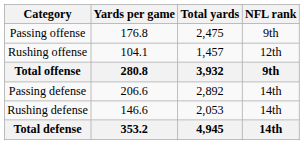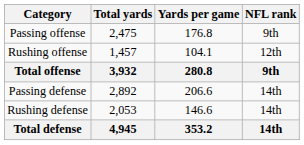 <table class="wikitable" style="text-align:center">
 <tr>
 <th>Category</th>
+<th>Total yards</th>
 <th>Yards per game</th>
-<th>Total yards</th>
 <th>NFL rank<br></th>
 </tr>
 <tr>
 <td>Passing offense</td>
+<td>2,475</td>
 <td>176.8</td>
-<td>2,475</td>
 <td>9th</td>
 </tr>
 <tr>
 <td>Rushing offense</td>
+<td>1,457</td>
 <td>104.1</td>
-<td>1,457</td>
 <td>12th</td>
 </tr>
 <tr>
 <th>Total offense</th>
+<th>3,932</th>
 <th>280.8</th>
-<th>3,932</th>
 <th>9th</th>
 </tr>
 <tr>
 <td>Passing defense</td>
+<td>2,892</td>
 <td>206.6</td>
-<td>2,892</td>
 <td>14th</td>
 </tr>
 <tr>
 <td>Rushing defense</td>
+<td>2,053</td>
 <td>146.6</td>
-<td>2,053</td>
 <td>14th</td>
 </tr>
 <tr>
 <th>Total defense</th>
+<th>4,945</th>
 <th>353.2</th>
-<th>4,945</th>
 <th>14th</th>
 </tr>
 </table>
